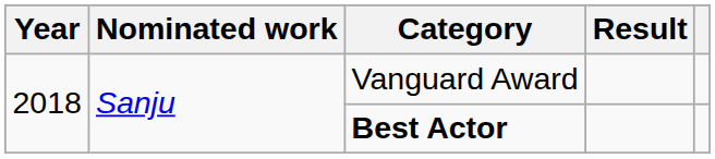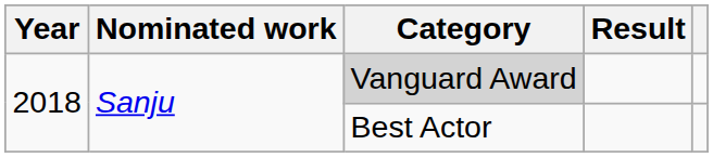 <table class="wikitable">
 <tr>
 <th scope="col">Year</th>
 <th scope="col">Nominated work</th>
 <th scope="col">Category</th>
 <th scope="col">Result</th>
 <th scope="col" class="unsortable"></th>
 </tr>
 <tr>
 <td rowspan="2">2018</td>
 <td rowspan="2"><em><a href='#'>Sanju</a></em></td>
-<td>Vanguard Award</td>
+<td style="background: lightgrey;">Vanguard Award</td>
 <td></td>
 <td></td>
 </tr>
 <tr>
-<td><strong>Best Actor</strong></td>
+<td>Best Actor</td>
 <td></td>
 <td></td>
 </tr>
 </table>
